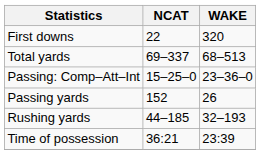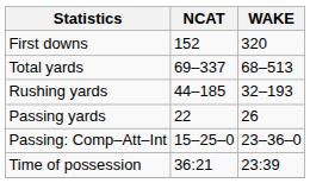 <table class="wikitable" style="float: left;">
 <tr>
 <th>Statistics</th>
 <th>NCAT</th>
 <th>WAKE</th>
 </tr>
 <tr>
 <td>First downs</td>
-<td>22</td>
+<td>152</td>
 <td>320</td>
 </tr>
 <tr>
 <td>Total yards</td>
 <td>69–337</td>
 <td>68–513</td>
 </tr>
 <tr>
+<td>Rushing yards</td>
+<td>44–185</td>
+<td>32–193</td>
+</tr>
+<tr>
+<td>Passing yards</td>
+<td>22</td>
+<td>26</td>
+</tr>
+<tr>
 <td>Passing: Comp–Att–Int</td>
 <td>15–25–0</td>
 <td>23–36–0</td>
-</tr>
-<tr>
-<td>Passing yards</td>
-<td>152</td>
-<td>26</td>
-</tr>
-<tr>
-<td>Rushing yards</td>
-<td>44–185</td>
-<td>32–193</td>
 </tr>
 <tr>
 <td>Time of possession</td>
 <td>36:21</td>
 <td>23:39</td>
 </tr>
 <tr>
 </tr>
 </table>
